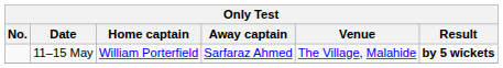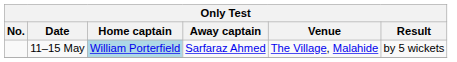 <table class="wikitable">
 <tr>
 <th colspan="9">Only Test</th>
 </tr>
 <tr>
 <th>No.</th>
 <th>Date</th>
 <th>Home captain</th>
 <th>Away captain</th>
 <th>Venue</th>
 <th>Result</th>
 </tr>
 <tr>
 <td></td>
 <td>11–15 May</td>
-<td><a href='#'>William Porterfield</a></td>
+<td style="background: lightblue;"><a href='#'>William Porterfield</a></td>
 <td><a href='#'>Sarfaraz Ahmed</a></td>
 <td><a href='#'>The Village</a>, <a href='#'>Malahide</a></td>
-<td><strong> by 5 wickets</strong></td>
+<td> by 5 wickets</td>
 </tr>
 <tr>
 </tr>
 </table>
